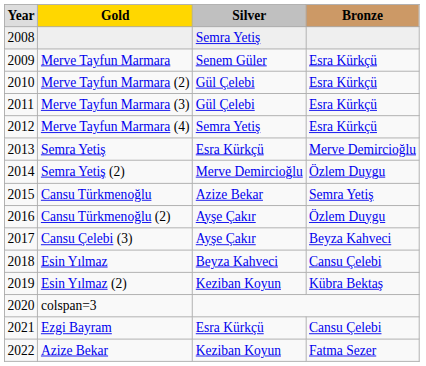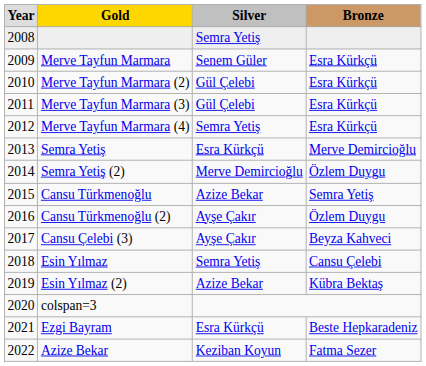 <table class="wikitable" style="font-size:95%">
 <tr style="text-align:center; background:#e4e4e4; font-weight:bold;">
 <td style="background:#ddd; ">Year</td>
 <td style="background:gold; ">Gold</td>
 <td style="background:silver; ">Silver</td>
 <td style="background:#c96; ">Bronze</td>
 </tr>
 <tr style="background:#efefef;">
 <td>2008</td>
 <td></td>
 <td><a href='#'>Semra Yetiş</a></td>
 <td></td>
 </tr>
 <tr>
 <td>2009</td>
 <td><a href='#'>Merve Tayfun Marmara</a></td>
 <td><a href='#'>Senem Güler</a></td>
 <td><a href='#'>Esra Kürkçü</a></td>
 </tr>
 <tr>
 <td>2010</td>
 <td><a href='#'>Merve Tayfun Marmara</a> (2)</td>
 <td><a href='#'>Gül Çelebi</a></td>
 <td><a href='#'>Esra Kürkçü</a></td>
 </tr>
 <tr>
 <td>2011</td>
 <td><a href='#'>Merve Tayfun Marmara</a> (3)</td>
 <td><a href='#'>Gül Çelebi</a></td>
 <td><a href='#'>Esra Kürkçü</a></td>
 </tr>
 <tr>
 <td>2012</td>
 <td><a href='#'>Merve Tayfun Marmara</a> (4)</td>
 <td><a href='#'>Semra Yetiş</a></td>
 <td><a href='#'>Esra Kürkçü</a></td>
 </tr>
 <tr>
 <td>2013</td>
 <td><a href='#'>Semra Yetiş</a></td>
 <td><a href='#'>Esra Kürkçü</a></td>
 <td><a href='#'>Merve Demircioğlu</a></td>
 </tr>
 <tr>
 <td>2014</td>
 <td><a href='#'>Semra Yetiş</a> (2)</td>
 <td><a href='#'>Merve Demircioğlu</a></td>
 <td><a href='#'>Özlem Duygu</a></td>
 </tr>
 <tr>
 <td>2015</td>
 <td><a href='#'>Cansu Türkmenoğlu</a></td>
 <td><a href='#'>Azize Bekar</a></td>
 <td><a href='#'>Semra Yetiş</a></td>
 </tr>
 <tr>
 <td>2016</td>
 <td><a href='#'>Cansu Türkmenoğlu</a> (2)</td>
 <td><a href='#'>Ayşe Çakır</a></td>
 <td><a href='#'>Özlem Duygu</a></td>
 </tr>
 <tr>
 <td>2017</td>
 <td><a href='#'>Cansu Çelebi</a> (3)</td>
 <td><a href='#'>Ayşe Çakır</a></td>
 <td><a href='#'>Beyza Kahveci</a></td>
 </tr>
 <tr>
 <td>2018</td>
 <td><a href='#'>Esin Yılmaz</a></td>
-<td><a href='#'>Beyza Kahveci</a></td>
+<td><a href='#'>Semra Yetiş</a></td>
 <td><a href='#'>Cansu Çelebi</a></td>
 </tr>
 <tr>
 <td>2019</td>
 <td><a href='#'>Esin Yılmaz</a> (2)</td>
-<td><a href='#'>Keziban Koyun</a></td>
+<td><a href='#'>Azize Bekar</a></td>
 <td><a href='#'>Kübra Bektaş</a></td>
 </tr>
 <tr>
 <td>2020</td>
 <td>colspan=3 </td>
 </tr>
 <tr>
 <td>2021</td>
 <td><a href='#'>Ezgi Bayram</a></td>
 <td><a href='#'>Esra Kürkçü</a></td>
-<td><a href='#'>Cansu Çelebi</a></td>
+<td><a href='#'>Beste Hepkaradeniz</a></td>
 </tr>
 <tr>
 <td>2022</td>
 <td><a href='#'>Azize Bekar</a></td>
 <td><a href='#'>Keziban Koyun</a></td>
 <td><a href='#'>Fatma Sezer</a></td>
 </tr>
 </table>
